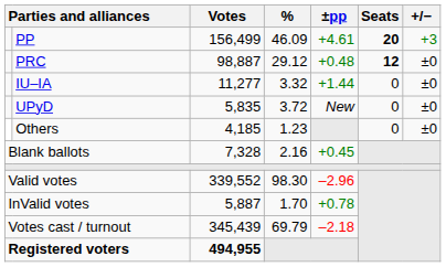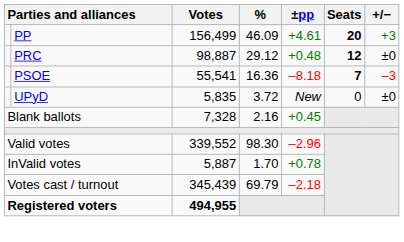 <table class="wikitable" style="text-align:right;">
 <tr>
 <th style="text-align:left;" colspan="2" width="200">Parties and alliances</th>
 <th width="75">Votes</th>
 <th width="45">%</th>
 <th width="45">±<a href='#'>pp</a></th>
 <th width="35">Seats</th>
 <th width="35">+/−</th>
 </tr>
 <tr>
 <td width="1" style="color:inherit;background:"></td>
 <td align="left"><a href='#'>PP</a></td>
 <td>156,499</td>
 <td>46.09</td>
 <td style="color:green;">+4.61</td>
 <td><strong>20</strong></td>
 <td style="color:green;">+3</td>
 </tr>
 <tr>
 <td style="color:inherit;background:"></td>
 <td align="left"><a href='#'>PRC</a></td>
 <td>98,887</td>
 <td>29.12</td>
 <td style="color:green;">+0.48</td>
 <td><strong>12</strong></td>
 <td>±0</td>
 </tr>
 <tr>
 <td style="color:inherit;background:"></td>
-<td align="left"><a href='#'>IU–IA</a></td>
-<td>11,277</td>
-<td>3.32</td>
-<td style="color:green;">+1.44</td>
-<td>0</td>
-<td>±0</td>
+<td align="left"><a href='#'>PSOE</a></td>
+<td>55,541</td>
+<td>16.36</td>
+<td style="color:red;">–8.18</td>
+<td><strong>7</strong></td>
+<td style="color:red;">–3</td>
 </tr>
 <tr>
 <td style="color:inherit;background:"></td>
 <td align="left"><a href='#'>UPyD</a></td>
 <td>5,835</td>
 <td>3.72</td>
 <td><em>New</em></td>
-<td>0</td>
-<td>±0</td>
-</tr>
-<tr>
-<td bgcolor="white"></td>
-<td align="left">Others</td>
-<td>4,185</td>
-<td>1.23</td>
-<td bgcolor="#E9E9E9"></td>
 <td>0</td>
 <td>±0</td>
 </tr>
 <tr>
 <td align="left" colspan="2">Blank ballots</td>
 <td>7,328</td>
 <td>2.16</td>
 <td style="color:green;">+0.45</td>
 <td bgcolor="#E9E9E9" colspan="2"></td>
 </tr>
 <tr>
 <td colspan="7" bgcolor="#E9E9E9"></td>
 </tr>
 <tr>
 <td align="left" colspan="2">Valid votes</td>
 <td>339,552</td>
 <td>98.30</td>
 <td style="color:red;">–2.96</td>
 <td bgcolor="#E9E9E9" colspan="2" rowspan="4"></td>
 </tr>
 <tr>
 <td align="left" colspan="2">InValid votes</td>
 <td>5,887</td>
 <td>1.70</td>
 <td style="color:green;">+0.78</td>
 </tr>
 <tr>
 <td align="left" colspan="2">Votes cast / turnout</td>
 <td>345,439</td>
 <td>69.79</td>
 <td style="color:red;">–2.18</td>
 </tr>
 <tr style="font-weight:bold;">
 <td align="left" colspan="2">Registered voters</td>
 <td>494,955</td>
 <td bgcolor="#E9E9E9" colspan="2"></td>
 </tr>
 </table>
